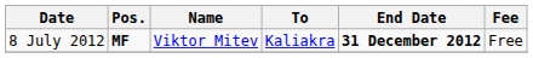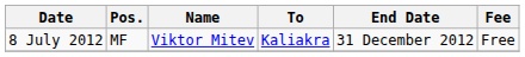 <table class="wikitable">
 <tr>
 <th>Date</th>
 <th>Pos.</th>
 <th>Name</th>
 <th>To</th>
 <th>End Date</th>
 <th>Fee</th>
 </tr>
 <tr>
 <td>8 July 2012</td>
-<td><strong>MF</strong></td>
+<td>MF</td>
 <td> <a href='#'>Viktor Mitev</a></td>
 <td><a href='#'>Kaliakra</a></td>
-<td><strong>31 December 2012</strong></td>
+<td>31 December 2012</td>
 <td>Free</td>
 </tr>
 <tr>
 </tr>
 </table>
